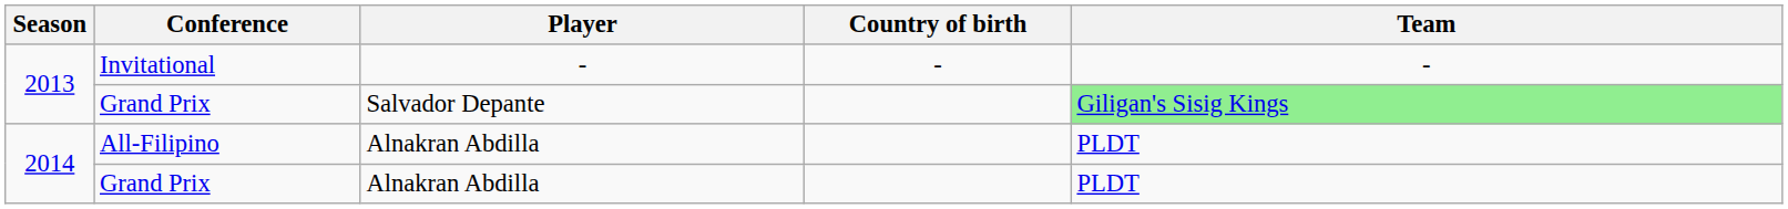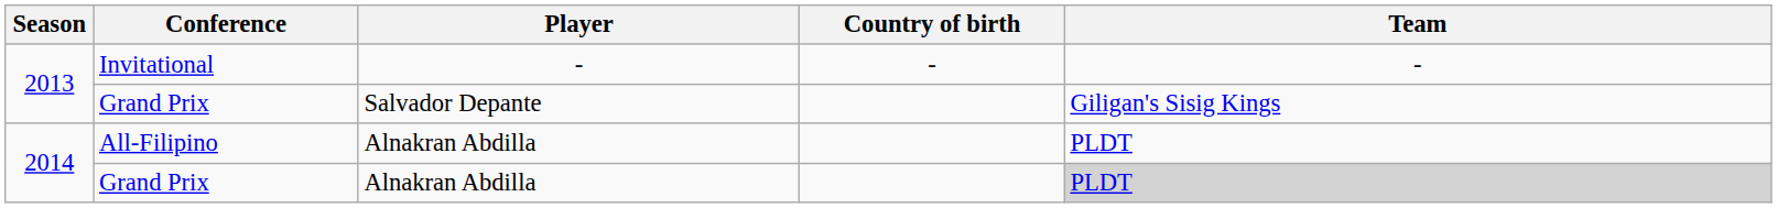 <table class="wikitable plainrowheaders sortable" width="90%" summary="Season (sortable), Player (sortable), Position (sortable), Nationality (sortable) and Team (sortable)">
 <tr>
 <th scope="col" width="5%">Season</th>
 <th scope="col" width="15%">Conference</th>
 <th scope="col" width="25%">Player</th>
 <th scope="col" width="15%">Country of birth</th>
 <th scope="col">Team</th>
 </tr>
 <tr>
 <td rowspan="2" align=center><a href='#'>2013</a></td>
 <td><a href='#'>Invitational</a></td>
 <td align=center>-</td>
 <td align=center>-</td>
 <td align=center>-</td>
 </tr>
 <tr>
 <td><a href='#'>Grand Prix</a></td>
 <td>Salvador Depante</td>
 <td></td>
-<td style="background: lightgreen;"><a href='#'>Giligan's Sisig Kings</a></td>
+<td><a href='#'>Giligan's Sisig Kings</a></td>
 </tr>
 <tr>
 <td rowspan="2" align=center><a href='#'>2014</a></td>
 <td><a href='#'>All-Filipino</a></td>
 <td>Alnakran Abdilla</td>
 <td></td>
 <td><a href='#'>PLDT</a></td>
 </tr>
 <tr>
 <td><a href='#'>Grand Prix</a></td>
 <td>Alnakran Abdilla</td>
 <td></td>
-<td><a href='#'>PLDT</a></td>
+<td style="background: lightgrey;"><a href='#'>PLDT</a></td>
 </tr>
 </table>
